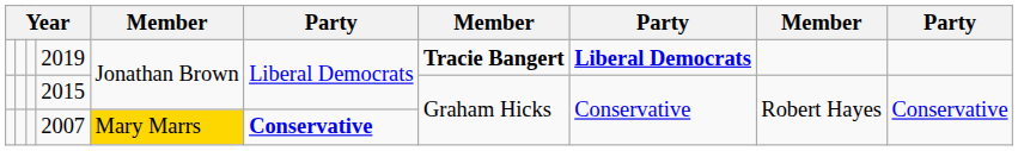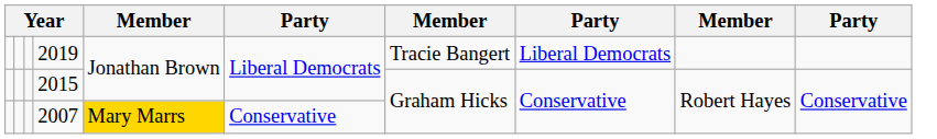 <table class="wikitable">
 <tr>
 <th colspan="4">Year</th>
 <th>Member</th>
 <th>Party</th>
 <th>Member</th>
 <th>Party</th>
 <th>Member</th>
 <th>Party</th>
 </tr>
 <tr>
 <td style="background-color: "></td>
 <td style="background-color: "></td>
 <td></td>
 <td>2019</td>
 <td rowspan="2">Jonathan Brown</td>
 <td rowspan="2"><a href='#'>Liberal Democrats</a></td>
-<td><strong>Tracie Bangert</strong></td>
-<td><strong><a href='#'>Liberal Democrats</a></strong></td>
+<td>Tracie Bangert</td>
+<td><a href='#'>Liberal Democrats</a></td>
 <td></td>
 <td></td>
 </tr>
 <tr>
 <td style="background-color: "></td>
 <td style="background-color: "></td>
 <td style="background-color: "></td>
 <td>2015</td>
 <td rowspan="2">Graham Hicks</td>
 <td rowspan="2"><a href='#'>Conservative</a></td>
 <td rowspan="2">Robert Hayes</td>
 <td rowspan="2"><a href='#'>Conservative</a></td>
 </tr>
 <tr>
 <td style="background-color: "></td>
 <td style="background-color: "></td>
 <td style="background-color: "></td>
 <td>2007</td>
 <td style="background: gold;">Mary Marrs</td>
-<td><strong><a href='#'>Conservative</a></strong></td>
+<td><a href='#'>Conservative</a></td>
 </tr>
 </table>
